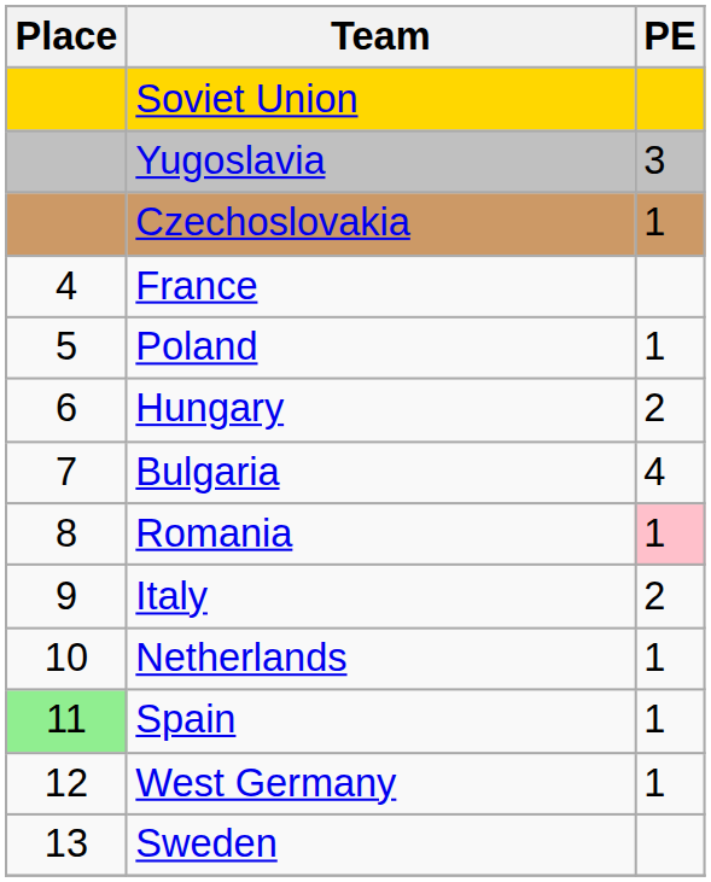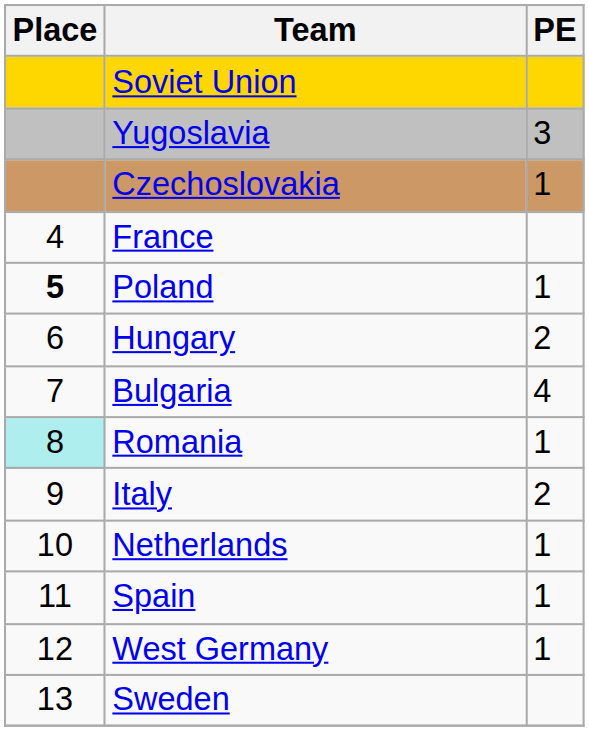 <table class="wikitable">
 <tr>
 <th>Place</th>
 <th width=200>Team</th>
 <th width=20>PE</th>
 </tr>
 <tr bgcolor=gold>
 <td align=center></td>
 <td> <a href='#'>Soviet Union</a></td>
 <td></td>
 </tr>
 <tr bgcolor=silver>
 <td align=center></td>
 <td> <a href='#'>Yugoslavia</a></td>
 <td>3</td>
 </tr>
 <tr bgcolor=cc9966>
 <td align=center></td>
 <td> <a href='#'>Czechoslovakia</a></td>
 <td>1</td>
 </tr>
 <tr>
 <td align=center>4</td>
 <td> <a href='#'>France</a></td>
 <td></td>
 </tr>
 <tr>
-<td align=center>5</td>
+<td align=center><strong>5</strong></td>
 <td> <a href='#'>Poland</a></td>
 <td>1</td>
 </tr>
 <tr>
 <td align=center>6</td>
 <td> <a href='#'>Hungary</a></td>
 <td>2</td>
 </tr>
 <tr>
 <td align=center>7</td>
 <td> <a href='#'>Bulgaria</a></td>
 <td>4</td>
 </tr>
 <tr>
-<td align=center>8</td>
+<td align=center style="background: paleturquoise;">8</td>
 <td> <a href='#'>Romania</a></td>
-<td style="background: pink;">1</td>
+<td>1</td>
 </tr>
 <tr>
 <td align=center>9</td>
 <td> <a href='#'>Italy</a></td>
 <td>2</td>
 </tr>
 <tr>
 <td align=center>10</td>
 <td> <a href='#'>Netherlands</a></td>
 <td>1</td>
 </tr>
 <tr>
-<td align=center style="background: lightgreen;">11</td>
+<td align=center>11</td>
 <td> <a href='#'>Spain</a></td>
 <td>1</td>
 </tr>
 <tr>
 <td align=center>12</td>
 <td> <a href='#'>West Germany</a></td>
 <td>1</td>
 </tr>
 <tr>
 <td align=center>13</td>
 <td> <a href='#'>Sweden</a></td>
 <td></td>
 </tr>
 <tr>
 </tr>
 </table>
